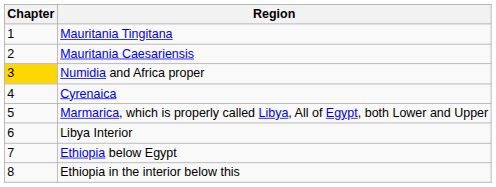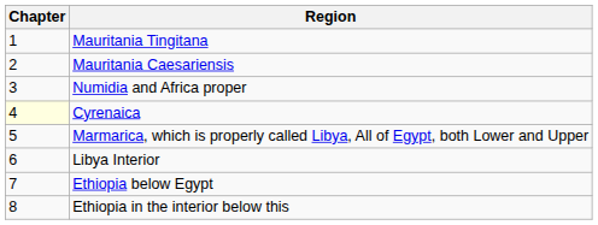 <table class="wikitable">
 <tr>
 <th>Chapter</th>
 <th>Region</th>
 </tr>
 <tr>
 <td>1</td>
 <td><a href='#'>Mauritania Tingitana</a></td>
 </tr>
 <tr>
 <td>2</td>
 <td><a href='#'>Mauritania Caesariensis</a></td>
 </tr>
 <tr>
-<td style="background: gold;">3</td>
+<td>3</td>
 <td><a href='#'>Numidia</a> and Africa proper</td>
 </tr>
 <tr>
-<td>4</td>
+<td style="background: lightyellow;">4</td>
 <td><a href='#'>Cyrenaica</a></td>
 </tr>
 <tr>
 <td>5</td>
 <td><a href='#'>Marmarica</a>, which is properly called <a href='#'>Libya</a>, All of <a href='#'>Egypt</a>, both Lower and Upper</td>
 </tr>
 <tr>
 <td>6</td>
 <td>Libya Interior</td>
 </tr>
 <tr>
 <td>7</td>
 <td><a href='#'>Ethiopia</a> below Egypt</td>
 </tr>
 <tr>
 <td>8</td>
 <td>Ethiopia in the interior below this</td>
 </tr>
 </table>
